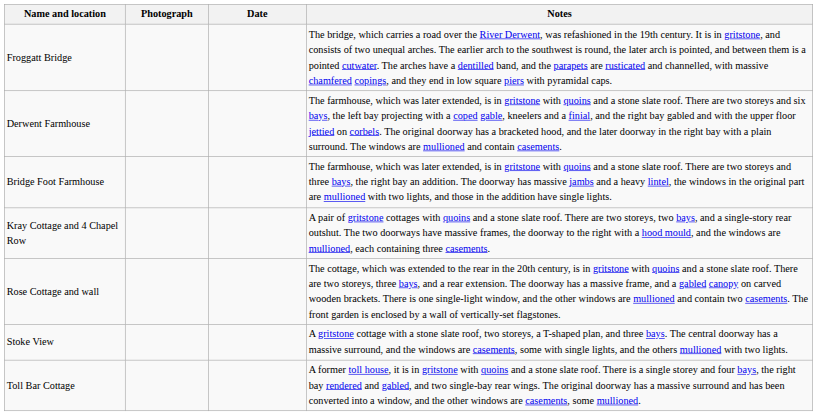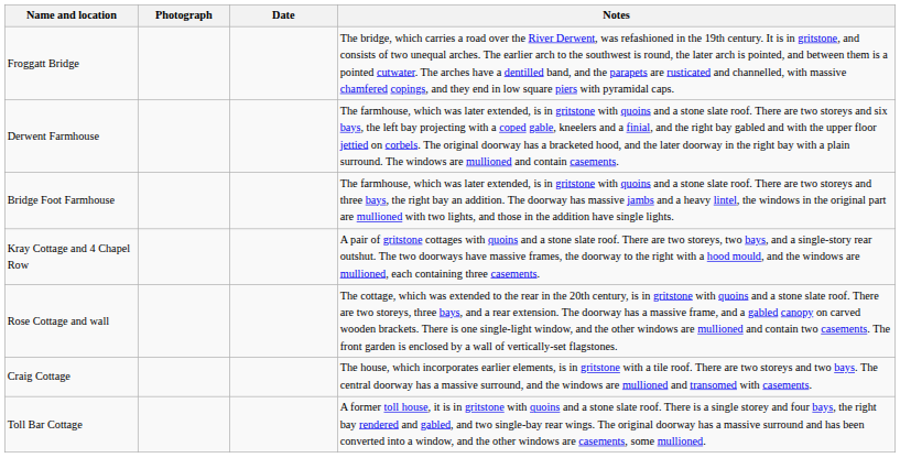 <table class="wikitable sortable plainrowheaders" style="width:100%;border:0px;text-align:left;line-height:150%;">
 <tr>
 <th scope="col"  style="width:150px">Name and location</th>
 <th scope="col"  style="width:100px" class="unsortable">Photograph</th>
 <th scope="col"  style="width:120px">Date</th>
 <th scope="col"  style="width:650px" class="unsortable">Notes</th>
 </tr>
 <tr>
 <td>Froggatt Bridge<br><small></small></td>
 <td></td>
 <td align="center"></td>
 <td>The bridge, which carries a road over the <a href='#'>River Derwent</a>, was refashioned in the 19th century.  It is in <a href='#'>gritstone</a>, and consists of two unequal arches.  The earlier arch to the southwest is round, the later arch is pointed, and between them is a pointed <a href='#'>cutwater</a>.  The arches have a <a href='#'>dentilled</a> band, and the <a href='#'>parapets</a> are <a href='#'>rusticated</a> and channelled, with massive <a href='#'>chamfered</a> <a href='#'>copings</a>, and they end in low square <a href='#'>piers</a> with pyramidal caps.</td>
 </tr>
 <tr>
 <td>Derwent Farmhouse<br><small></small></td>
 <td></td>
 <td align="center"></td>
 <td>The farmhouse, which was later extended, is in <a href='#'>gritstone</a> with <a href='#'>quoins</a> and a stone slate roof. There are two storeys and six <a href='#'>bays</a>, the left bay projecting with a <a href='#'>coped</a> <a href='#'>gable</a>, kneelers and a <a href='#'>finial</a>, and the right bay gabled and with the upper floor <a href='#'>jettied</a> on <a href='#'>corbels</a>.  The original doorway has a bracketed hood, and the later doorway in the right bay with a plain surround.  The windows are <a href='#'>mullioned</a> and contain <a href='#'>casements</a>.</td>
 </tr>
 <tr>
 <td>Bridge Foot Farmhouse<br><small></small></td>
 <td></td>
 <td align="center"></td>
 <td>The farmhouse, which was later extended, is in <a href='#'>gritstone</a> with <a href='#'>quoins</a> and a stone slate roof.  There are two storeys and three <a href='#'>bays</a>, the right bay an addition.  The doorway has massive <a href='#'>jambs</a> and a heavy <a href='#'>lintel</a>, the windows in the original part are <a href='#'>mullioned</a> with two lights, and those in the addition have single lights.</td>
 </tr>
 <tr>
 <td>Kray Cottage and 4 Chapel Row<br><small></small></td>
 <td></td>
 <td align="center"></td>
 <td>A pair of <a href='#'>gritstone</a> cottages with <a href='#'>quoins</a> and a stone slate roof.  There are two storeys, two <a href='#'>bays</a>, and a single-story rear outshut.  The two doorways have massive frames, the doorway to the right with a <a href='#'>hood mould</a>, and the windows are <a href='#'>mullioned</a>, each containing three <a href='#'>casements</a>.</td>
 </tr>
 <tr>
 <td>Rose Cottage and wall<br><small></small></td>
 <td></td>
 <td align="center"></td>
 <td>The cottage, which was extended to the rear in the 20th century, is in <a href='#'>gritstone</a> with <a href='#'>quoins</a> and a stone slate roof.  There are two storeys, three <a href='#'>bays</a>, and a rear extension.  The doorway has a massive frame, and a <a href='#'>gabled</a> <a href='#'>canopy</a> on carved wooden brackets.  There is one single-light window, and the other windows are <a href='#'>mullioned</a> and contain two <a href='#'>casements</a>.  The front garden is enclosed by a wall of vertically-set flagstones.</td>
 </tr>
 <tr>
-<td>Stoke View<br><small></small></td>
+<td>Craig Cottage<br><small></small></td>
 <td></td>
 <td align="center"></td>
-<td>A <a href='#'>gritstone</a> cottage with a stone slate roof, two storeys, a T-shaped plan, and three <a href='#'>bays</a>.  The central doorway has a massive surround, and the windows are <a href='#'>casements</a>, some with single lights, and the others <a href='#'>mullioned</a> with two lights.</td>
+<td>The house, which incorporates earlier elements, is in <a href='#'>gritstone</a> with a tile roof.  There are two storeys and two <a href='#'>bays</a>.  The central doorway has a massive surround, and the windows are <a href='#'>mullioned</a> and <a href='#'>transomed</a> with <a href='#'>casements</a>.</td>
 </tr>
 <tr>
 <td>Toll Bar Cottage<br><small></small></td>
 <td></td>
 <td align="center"></td>
 <td>A former <a href='#'>toll house</a>, it is in <a href='#'>gritstone</a> with <a href='#'>quoins</a> and a stone slate roof.  There is a single storey and four <a href='#'>bays</a>, the right bay <a href='#'>rendered</a> and <a href='#'>gabled</a>, and two single-bay rear wings.  The original doorway has a massive surround and has been converted into a window, and the other windows are <a href='#'>casements</a>, some <a href='#'>mullioned</a>.</td>
 </tr>
 <tr>
 </tr>
 </table>
